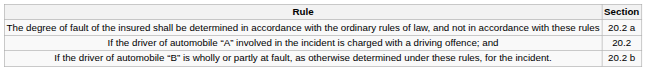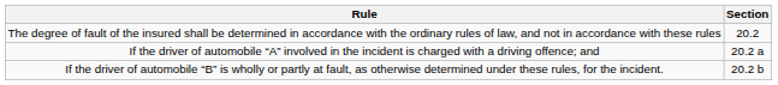 <table class="wikitable">
 <tr>
 <th style="text-align: center; font-weight: bold;">Rule</th>
 <th style="text-align: center; font-weight: bold;">Section</th>
 </tr>
 <tr>
 <td>The degree of fault of the insured shall be determined in accordance with the ordinary rules of law, and not in accordance with these rules</td>
-<td style="text-align: center;">20.2 a</td>
+<td style="text-align: center;">20.2</td>
 </tr>
 <tr>
 <td style="text-align: center;">If the driver of automobile “A” involved in the incident is charged with a driving offence; and</td>
-<td style="text-align: center;">20.2</td>
+<td style="text-align: center;">20.2 a</td>
 </tr>
 <tr>
 <td style="text-align: center;">If the driver of automobile “B” is wholly or partly at fault, as otherwise determined under these rules, for the incident.</td>
 <td style="text-align: center;">20.2 b</td>
 </tr>
 </table>
